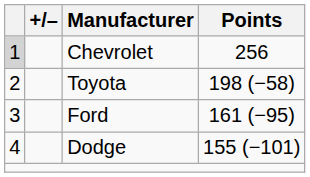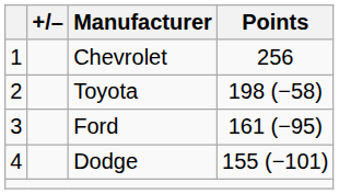 <table class="wikitable">
 <tr>
 <th scope="col"></th>
 <th scope="col">+/–</th>
 <th scope="col">Manufacturer</th>
 <th scope="col">Points</th>
 </tr>
 <tr>
-<td style="background: lightgrey;">1</td>
+<td>1</td>
 <td align="left"></td>
 <td>Chevrolet</td>
 <td style="text-align:center;">256</td>
 </tr>
 <tr>
 <td>2</td>
 <td align="left"></td>
 <td>Toyota</td>
 <td style="text-align:center;">198 (−58)</td>
 </tr>
 <tr>
 <td>3</td>
 <td align="left"></td>
 <td>Ford</td>
 <td style="text-align:center;">161 (−95)</td>
 </tr>
 <tr>
 <td>4</td>
 <td align="left"></td>
 <td>Dodge</td>
 <td style="text-align:center;">155 (−101)</td>
 </tr>
 <tr class="sortbottom">
 <td colspan="9"></td>
 </tr>
 </table>
